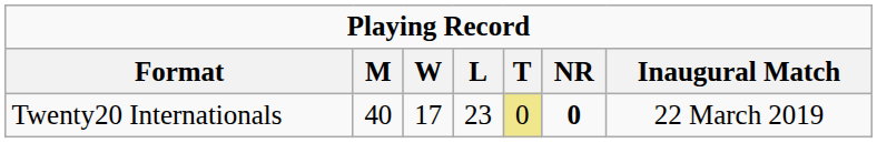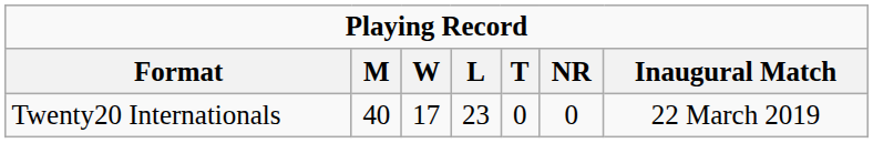 <table class="wikitable" style="text-align: center; width: 500px;">
 <tr>
 <td colspan=7 align="center"><strong>Playing Record</strong></td>
 </tr>
 <tr>
 <th>Format</th>
 <th>M</th>
 <th>W</th>
 <th>L</th>
 <th>T</th>
 <th>NR</th>
 <th>Inaugural Match</th>
 </tr>
 <tr>
 <td align="left">Twenty20 Internationals</td>
 <td>40</td>
 <td>17</td>
 <td>23</td>
-<td style="background: khaki;">0</td>
-<td><strong>0</strong></td>
+<td>0</td>
+<td>0</td>
 <td>22 March 2019</td>
 </tr>
 </table>
